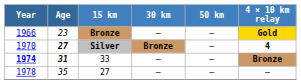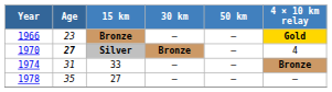 <table class="wikitable" style="font-size:95%; text-align:center; border:grey solid 1px; border-collapse:collapse; background:#ffffff;">
 <tr>
 <th style="background-color:#369; color:white; width:60px;"> Year </th>
 <th style="background-color:#369; color:white; width:40px;"> Age </th>
 <th style="background-color:#4180be; color:white; width:75px;"> 15 km </th>
 <th style="background-color:#4180be; color:white; width:75px;"> 30 km </th>
 <th style="background-color:#4180be; color:white; width:75px;"> 50 km </th>
 <th style="background-color:#4180be; color:white; width:75px;"> 4 × 10 km <br> relay </th>
 </tr>
 <tr>
 <td><a href='#'>1966</a></td>
 <td><em>23</em></td>
 <td bgcolor="cc9966"><strong>Bronze</strong></td>
 <td>—</td>
 <td>—</td>
 <td style="background:gold;"><strong>Gold</strong></td>
 </tr>
 <tr>
 <td><a href='#'>1970</a></td>
 <td><strong><em>27</em></strong></td>
 <td style="background:silver;"><strong>Silver</strong></td>
 <td bgcolor="cc9966"><strong>Bronze</strong></td>
 <td>—</td>
-<td><strong>4</strong></td>
+<td>4</td>
 </tr>
 <tr>
-<td><strong><a href='#'>1974</a></strong></td>
-<td><strong><em>31</em></strong></td>
+<td><a href='#'>1974</a></td>
+<td><em>31</em></td>
 <td>33</td>
 <td>—</td>
 <td>—</td>
 <td bgcolor="cc9966"><strong>Bronze</strong></td>
 </tr>
 <tr>
 <td><a href='#'>1978</a></td>
 <td><em>35</em></td>
 <td>27</td>
 <td>—</td>
 <td>—</td>
 <td>—</td>
 </tr>
 <tr>
 </tr>
 </table>
